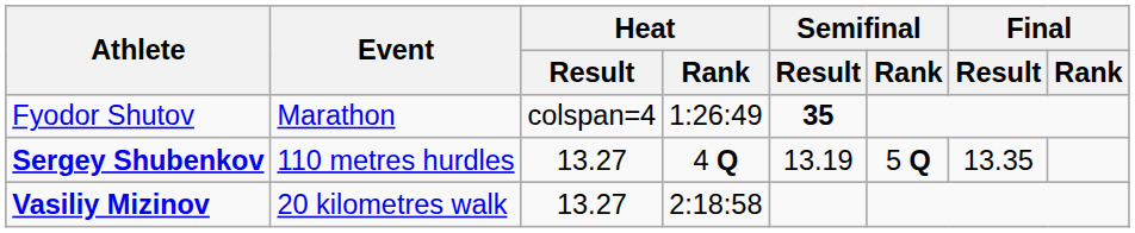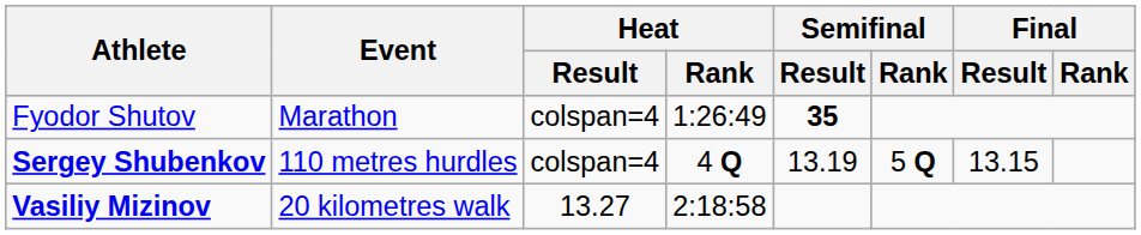 <table class="wikitable"  style=font-size:90%>
 <tr>
 <th rowspan="2">Athlete</th>
 <th rowspan="2">Event</th>
 <th colspan="2">Heat</th>
 <th colspan="2">Semifinal</th>
 <th colspan="2">Final</th>
 </tr>
 <tr>
 <th>Result</th>
 <th>Rank</th>
 <th>Result</th>
 <th>Rank</th>
 <th>Result</th>
 <th>Rank</th>
 </tr>
 <tr style=text-align:center>
 <td style=text-align:left><a href='#'>Fyodor Shutov</a></td>
 <td style=text-align:left><a href='#'>Marathon</a></td>
 <td>colspan=4</td>
 <td>1:26:49</td>
 <td><strong>35</strong></td>
 </tr>
 <tr style=text-align:center>
 <td style=text-align:left><strong><a href='#'>Sergey Shubenkov</a></strong></td>
 <td style=text-align:left><a href='#'>110 metres hurdles</a></td>
-<td>13.27</td>
+<td>colspan=4</td>
 <td>4 <strong>Q</strong></td>
 <td>13.19</td>
 <td>5 <strong>Q</strong></td>
-<td>13.35</td>
+<td>13.15</td>
 <td></td>
 </tr>
 <tr style=text-align:center>
 <td style=text-align:left><strong><a href='#'>Vasiliy Mizinov</a></strong></td>
 <td style=text-align:left><a href='#'>20 kilometres walk</a></td>
 <td>13.27</td>
 <td>2:18:58</td>
 <td></td>
 </tr>
 </table>
